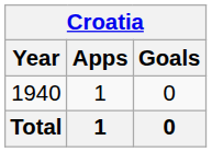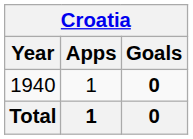 <table class="wikitable" style="text-align:center">
 <tr>
 <th colspan=3><a href='#'>Croatia</a></th>
 </tr>
 <tr>
 <th>Year</th>
 <th>Apps</th>
 <th>Goals</th>
 </tr>
 <tr>
 <td>1940</td>
 <td>1</td>
-<td>0</td>
+<td><strong>0</strong></td>
 </tr>
 <tr>
 <th>Total</th>
 <th>1</th>
 <th>0</th>
 </tr>
 </table>
